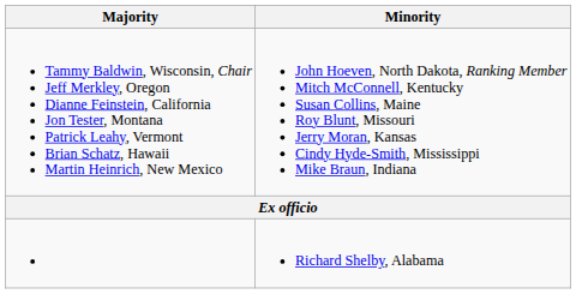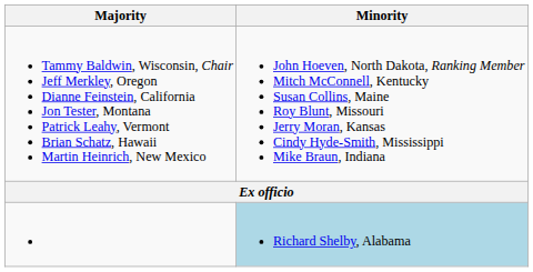 <table class=wikitable>
 <tr>
 <th>Majority</th>
 <th>Minority</th>
 </tr>
 <tr>
 <td><br><ul><li><a href='#'>Tammy Baldwin</a>, Wisconsin, <em>Chair</em></li><li><a href='#'>Jeff Merkley</a>, Oregon</li><li><a href='#'>Dianne Feinstein</a>, California</li><li><a href='#'>Jon Tester</a>, Montana</li><li><a href='#'>Patrick Leahy</a>, Vermont</li><li><a href='#'>Brian Schatz</a>, Hawaii</li><li><a href='#'>Martin Heinrich</a>, New Mexico</li></ul></td>
 <td><br><ul><li><a href='#'>John Hoeven</a>, North Dakota, <em>Ranking Member</em></li><li><a href='#'>Mitch McConnell</a>, Kentucky</li><li><a href='#'>Susan Collins</a>, Maine</li><li><a href='#'>Roy Blunt</a>, Missouri</li><li><a href='#'>Jerry Moran</a>, Kansas</li><li><a href='#'>Cindy Hyde-Smith</a>, Mississippi</li><li><a href='#'>Mike Braun</a>, Indiana</li></ul></td>
 </tr>
 <tr>
 <th colspan=2 align=center><em>Ex officio</em></th>
 </tr>
 <tr>
 <td><br><ul><li></li></ul></td>
-<td><br><ul><li><a href='#'>Richard Shelby</a>, Alabama</li></ul></td>
+<td style="background: lightblue;"><br><ul><li><a href='#'>Richard Shelby</a>, Alabama</li></ul></td>
 </tr>
 </table>
